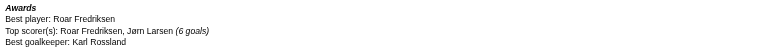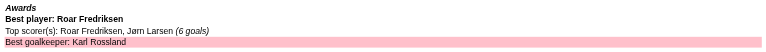 <table width=100% cellspacing=1 style="font-size: 90%;">
 <tr>
 <td><strong><em>Awards</em></strong></td>
 </tr>
 <tr>
-<td>Best player:  Roar Fredriksen</td>
+<td><strong>Best player:  Roar Fredriksen</strong></td>
 </tr>
 <tr>
 <td colspan=4>Top scorer(s):  Roar Fredriksen,  Jørn Larsen <em>(6 goals)</em></td>
 </tr>
 <tr>
-<td>Best goalkeeper:  Karl Rossland</td>
+<td style="background: pink;">Best goalkeeper:  Karl Rossland</td>
 </tr>
 </table>
